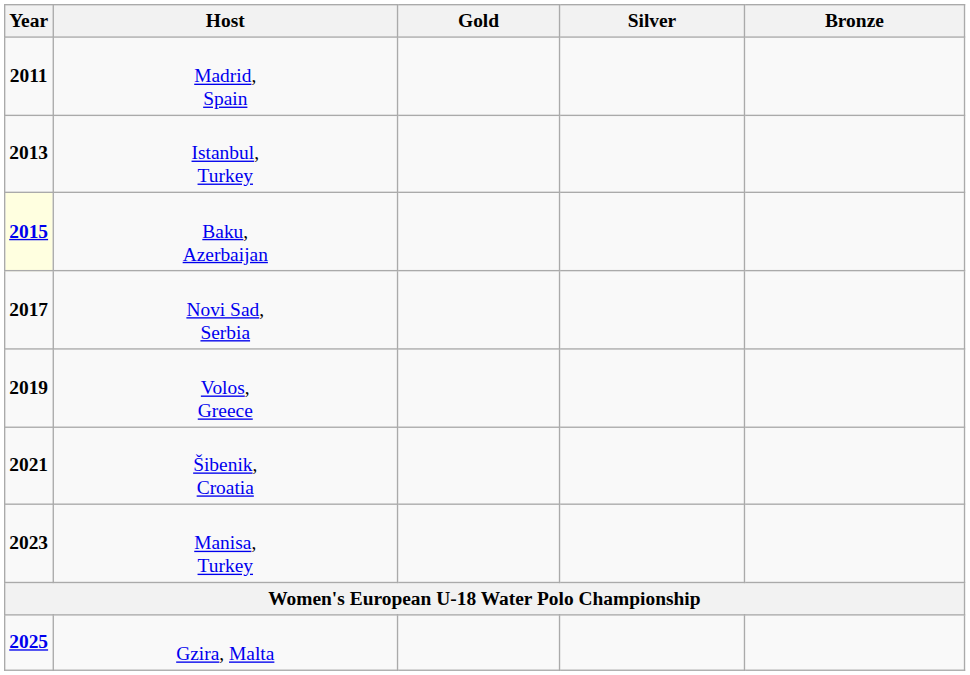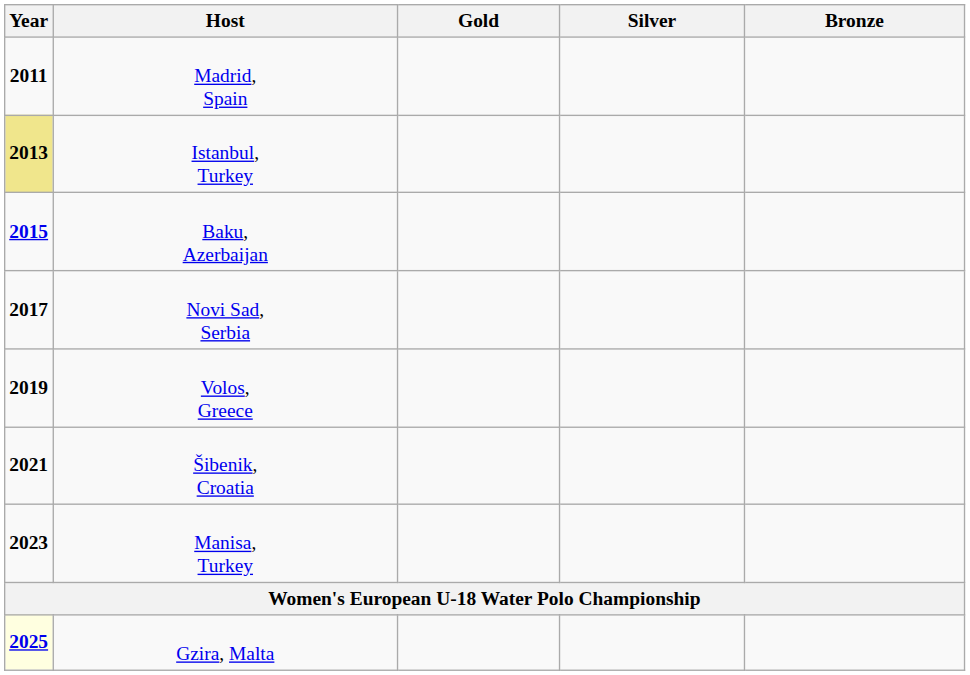 <table class=wikitable style="border:1px solid #AAAAAA;font-size:90%">
 <tr style="background: #efefef;">
 <th width=5%>Year</th>
 <th width=0%>Host</th>
 <th width=0%> Gold</th>
 <th width=0%> Silver</th>
 <th width=0%> Bronze</th>
 </tr>
 <tr align=center>
 <td><strong>2011</strong></td>
 <td><br><a href='#'>Madrid</a>,<br><a href='#'>Spain</a></td>
 <td><strong></strong></td>
 <td></td>
 <td></td>
 </tr>
 <tr align=center>
-<td><strong>2013</strong></td>
+<td style="background: khaki;"><strong>2013</strong></td>
 <td><br><a href='#'>Istanbul</a>,<br><a href='#'>Turkey</a></td>
 <td><strong></strong></td>
 <td></td>
 <td></td>
 </tr>
 <tr align=center>
-<td style="background: lightyellow;"><strong><a href='#'>2015</a></strong></td>
+<td><strong><a href='#'>2015</a></strong></td>
 <td><br><a href='#'>Baku</a>,<br><a href='#'>Azerbaijan</a></td>
 <td><strong></strong></td>
 <td></td>
 <td></td>
 </tr>
 <tr align=center>
 <td><strong>2017</strong></td>
 <td><br><a href='#'>Novi Sad</a>,<br><a href='#'>Serbia</a></td>
 <td></td>
 <td></td>
 <td></td>
 </tr>
 <tr align=center>
 <td><strong>2019</strong></td>
 <td><br><a href='#'>Volos</a>,<br><a href='#'>Greece</a></td>
 <td></td>
 <td></td>
 <td></td>
 </tr>
 <tr align=center>
 <td><strong>2021</strong></td>
 <td><br><a href='#'>Šibenik</a>,<br><a href='#'>Croatia</a></td>
 <td></td>
 <td></td>
 <td></td>
 </tr>
 <tr align=center>
 <td><strong>2023</strong></td>
 <td><br><a href='#'>Manisa</a>,<br><a href='#'>Turkey</a></td>
 <td></td>
 <td></td>
 <td></td>
 </tr>
 <tr class="sortbottom">
 <th colspan="5">Women's European U-18 Water Polo Championship</th>
 </tr>
 <tr align=center>
-<td><strong><a href='#'>2025</a></strong></td>
+<td style="background: lightyellow;"><strong><a href='#'>2025</a></strong></td>
 <td><br><a href='#'>Gzira</a>, <a href='#'>Malta</a></td>
 <td></td>
 <td></td>
 <td></td>
 </tr>
 </table>
